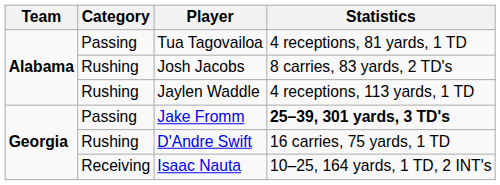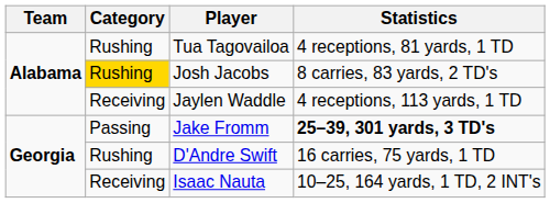 <table class="wikitable" style="float: right;">
 <tr>
 <th>Team</th>
 <th>Category</th>
 <th>Player</th>
 <th>Statistics</th>
 </tr>
 <tr>
 <td rowspan=3><strong>Alabama</strong></td>
-<td>Passing</td>
+<td>Rushing</td>
 <td>Tua Tagovailoa</td>
 <td>4 receptions, 81 yards, 1 TD</td>
 </tr>
 <tr>
-<td>Rushing</td>
+<td style="background: gold;">Rushing</td>
 <td>Josh Jacobs</td>
 <td>8 carries, 83 yards, 2 TD's</td>
 </tr>
 <tr>
-<td>Rushing</td>
+<td>Receiving</td>
 <td>Jaylen Waddle</td>
 <td>4 receptions, 113 yards, 1 TD</td>
 </tr>
 <tr>
 <td rowspan=3><strong>Georgia</strong></td>
 <td>Passing</td>
 <td><a href='#'>Jake Fromm</a></td>
 <td><strong>25–39, 301 yards, 3 TD's</strong></td>
 </tr>
 <tr>
 <td>Rushing</td>
 <td><a href='#'>D'Andre Swift</a></td>
 <td>16 carries, 75 yards, 1 TD</td>
 </tr>
 <tr>
 <td>Receiving</td>
 <td><a href='#'>Isaac Nauta</a></td>
 <td>10–25, 164 yards, 1 TD, 2 INT's</td>
 </tr>
 </table>
